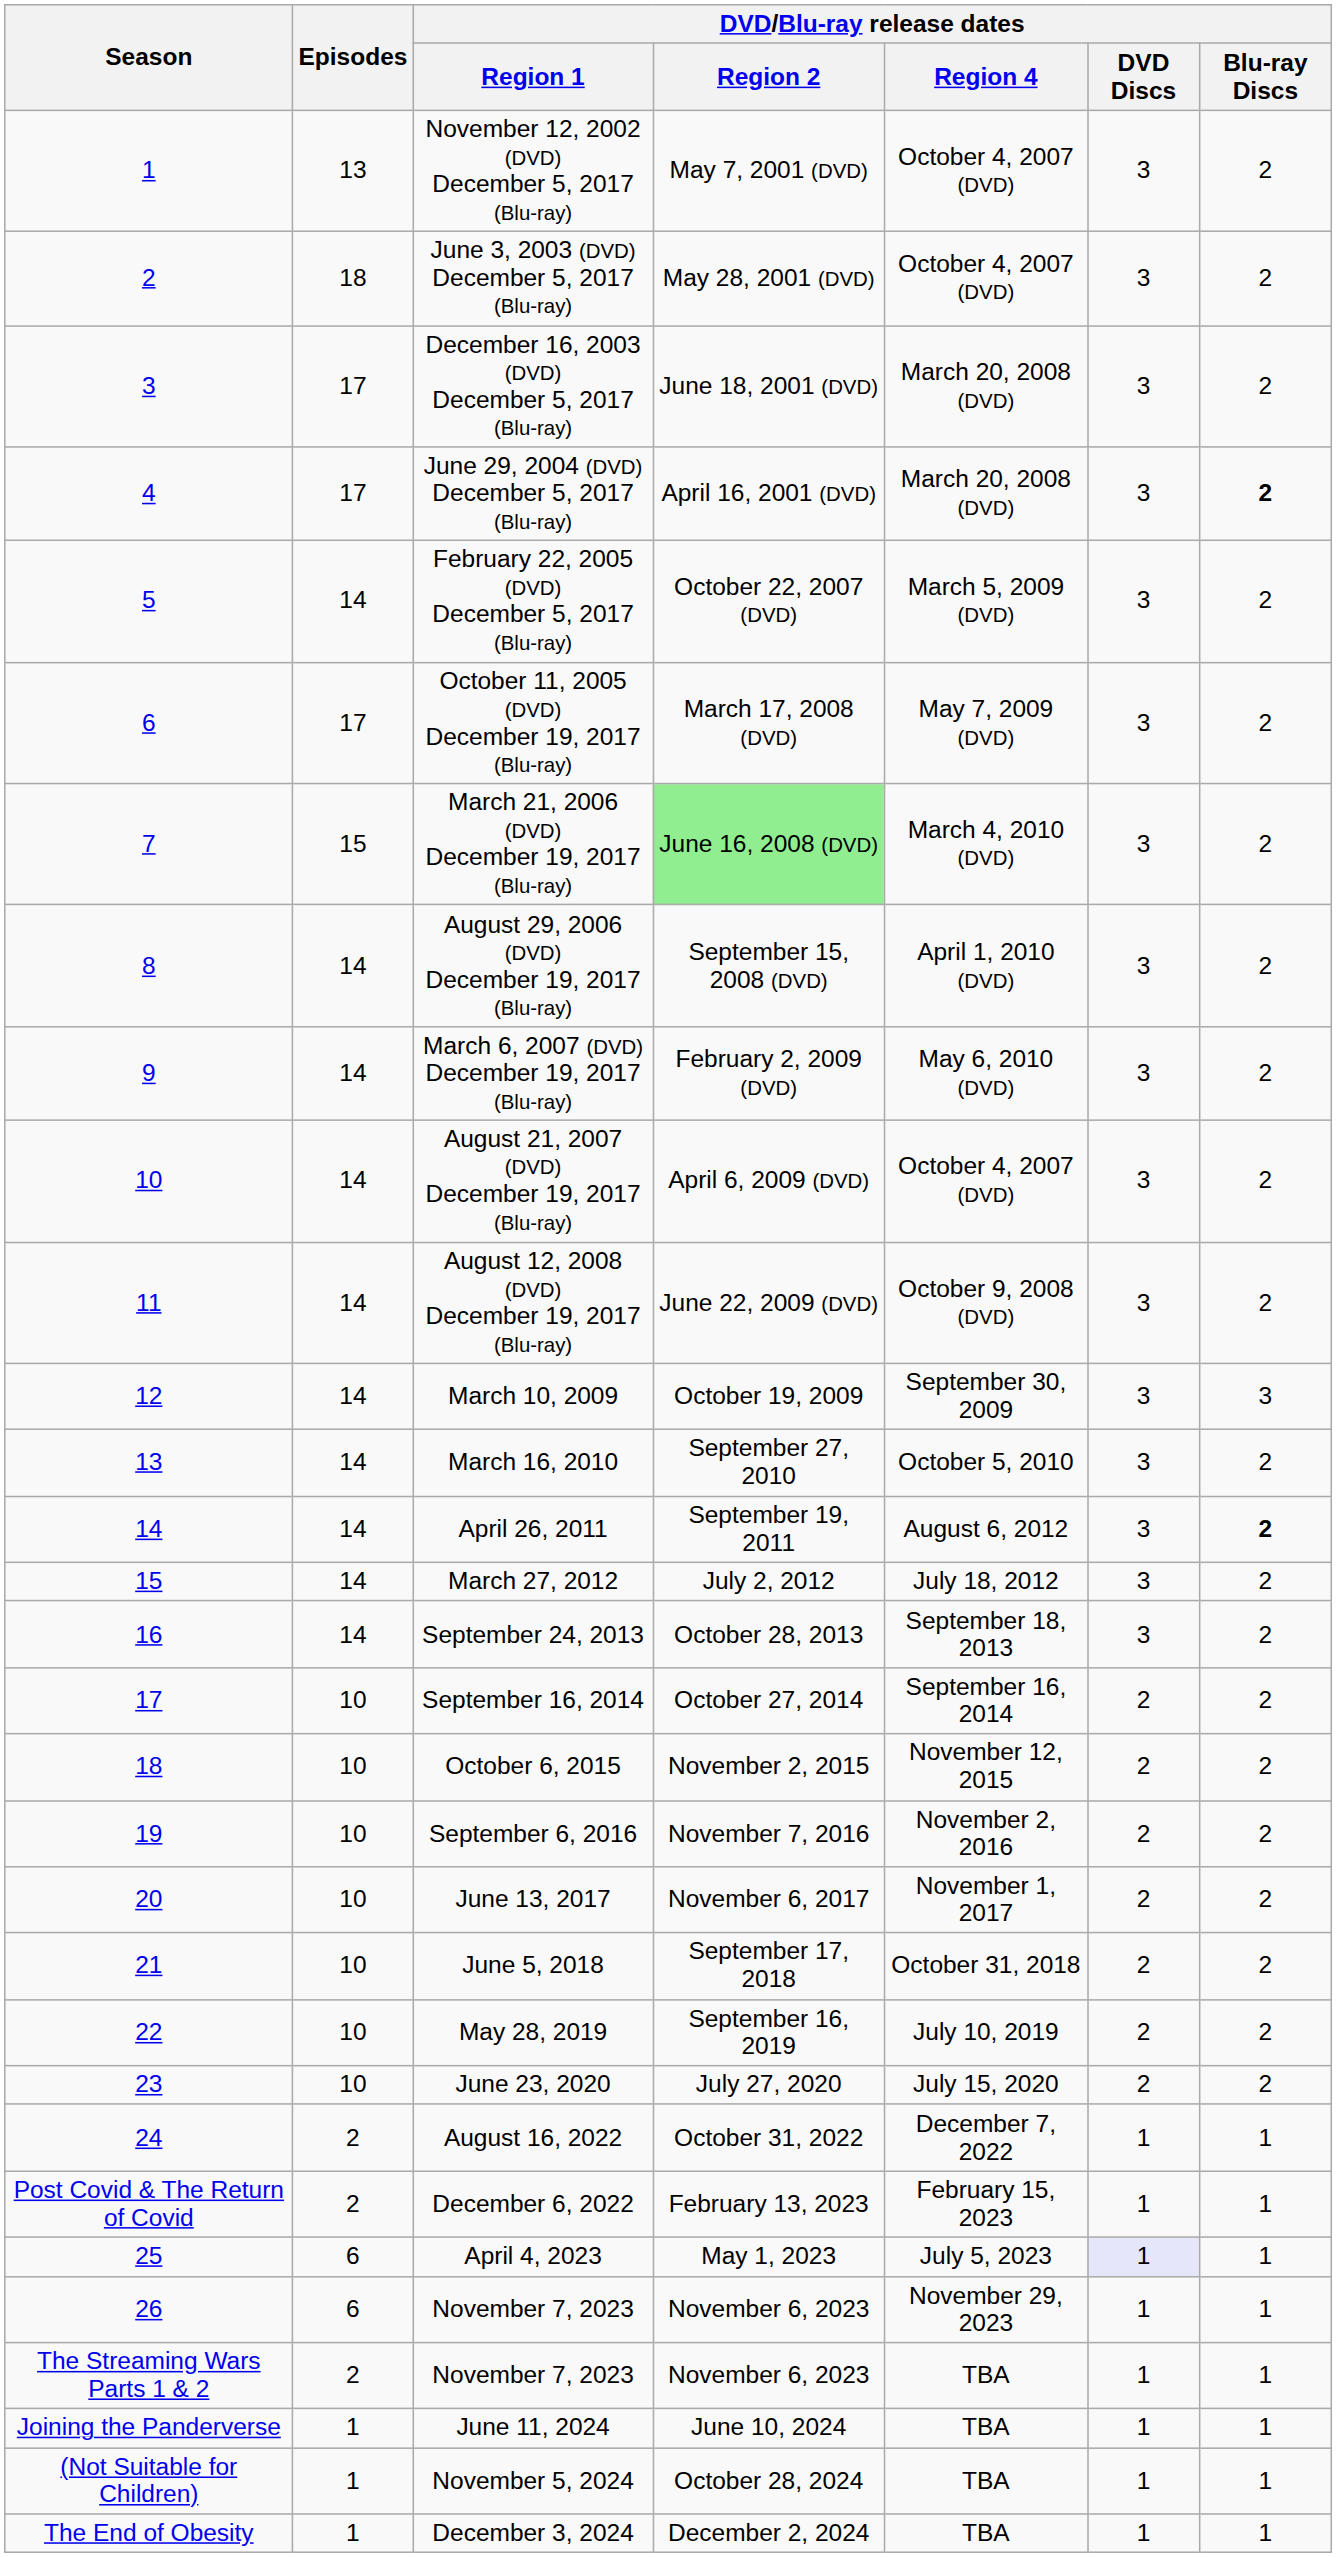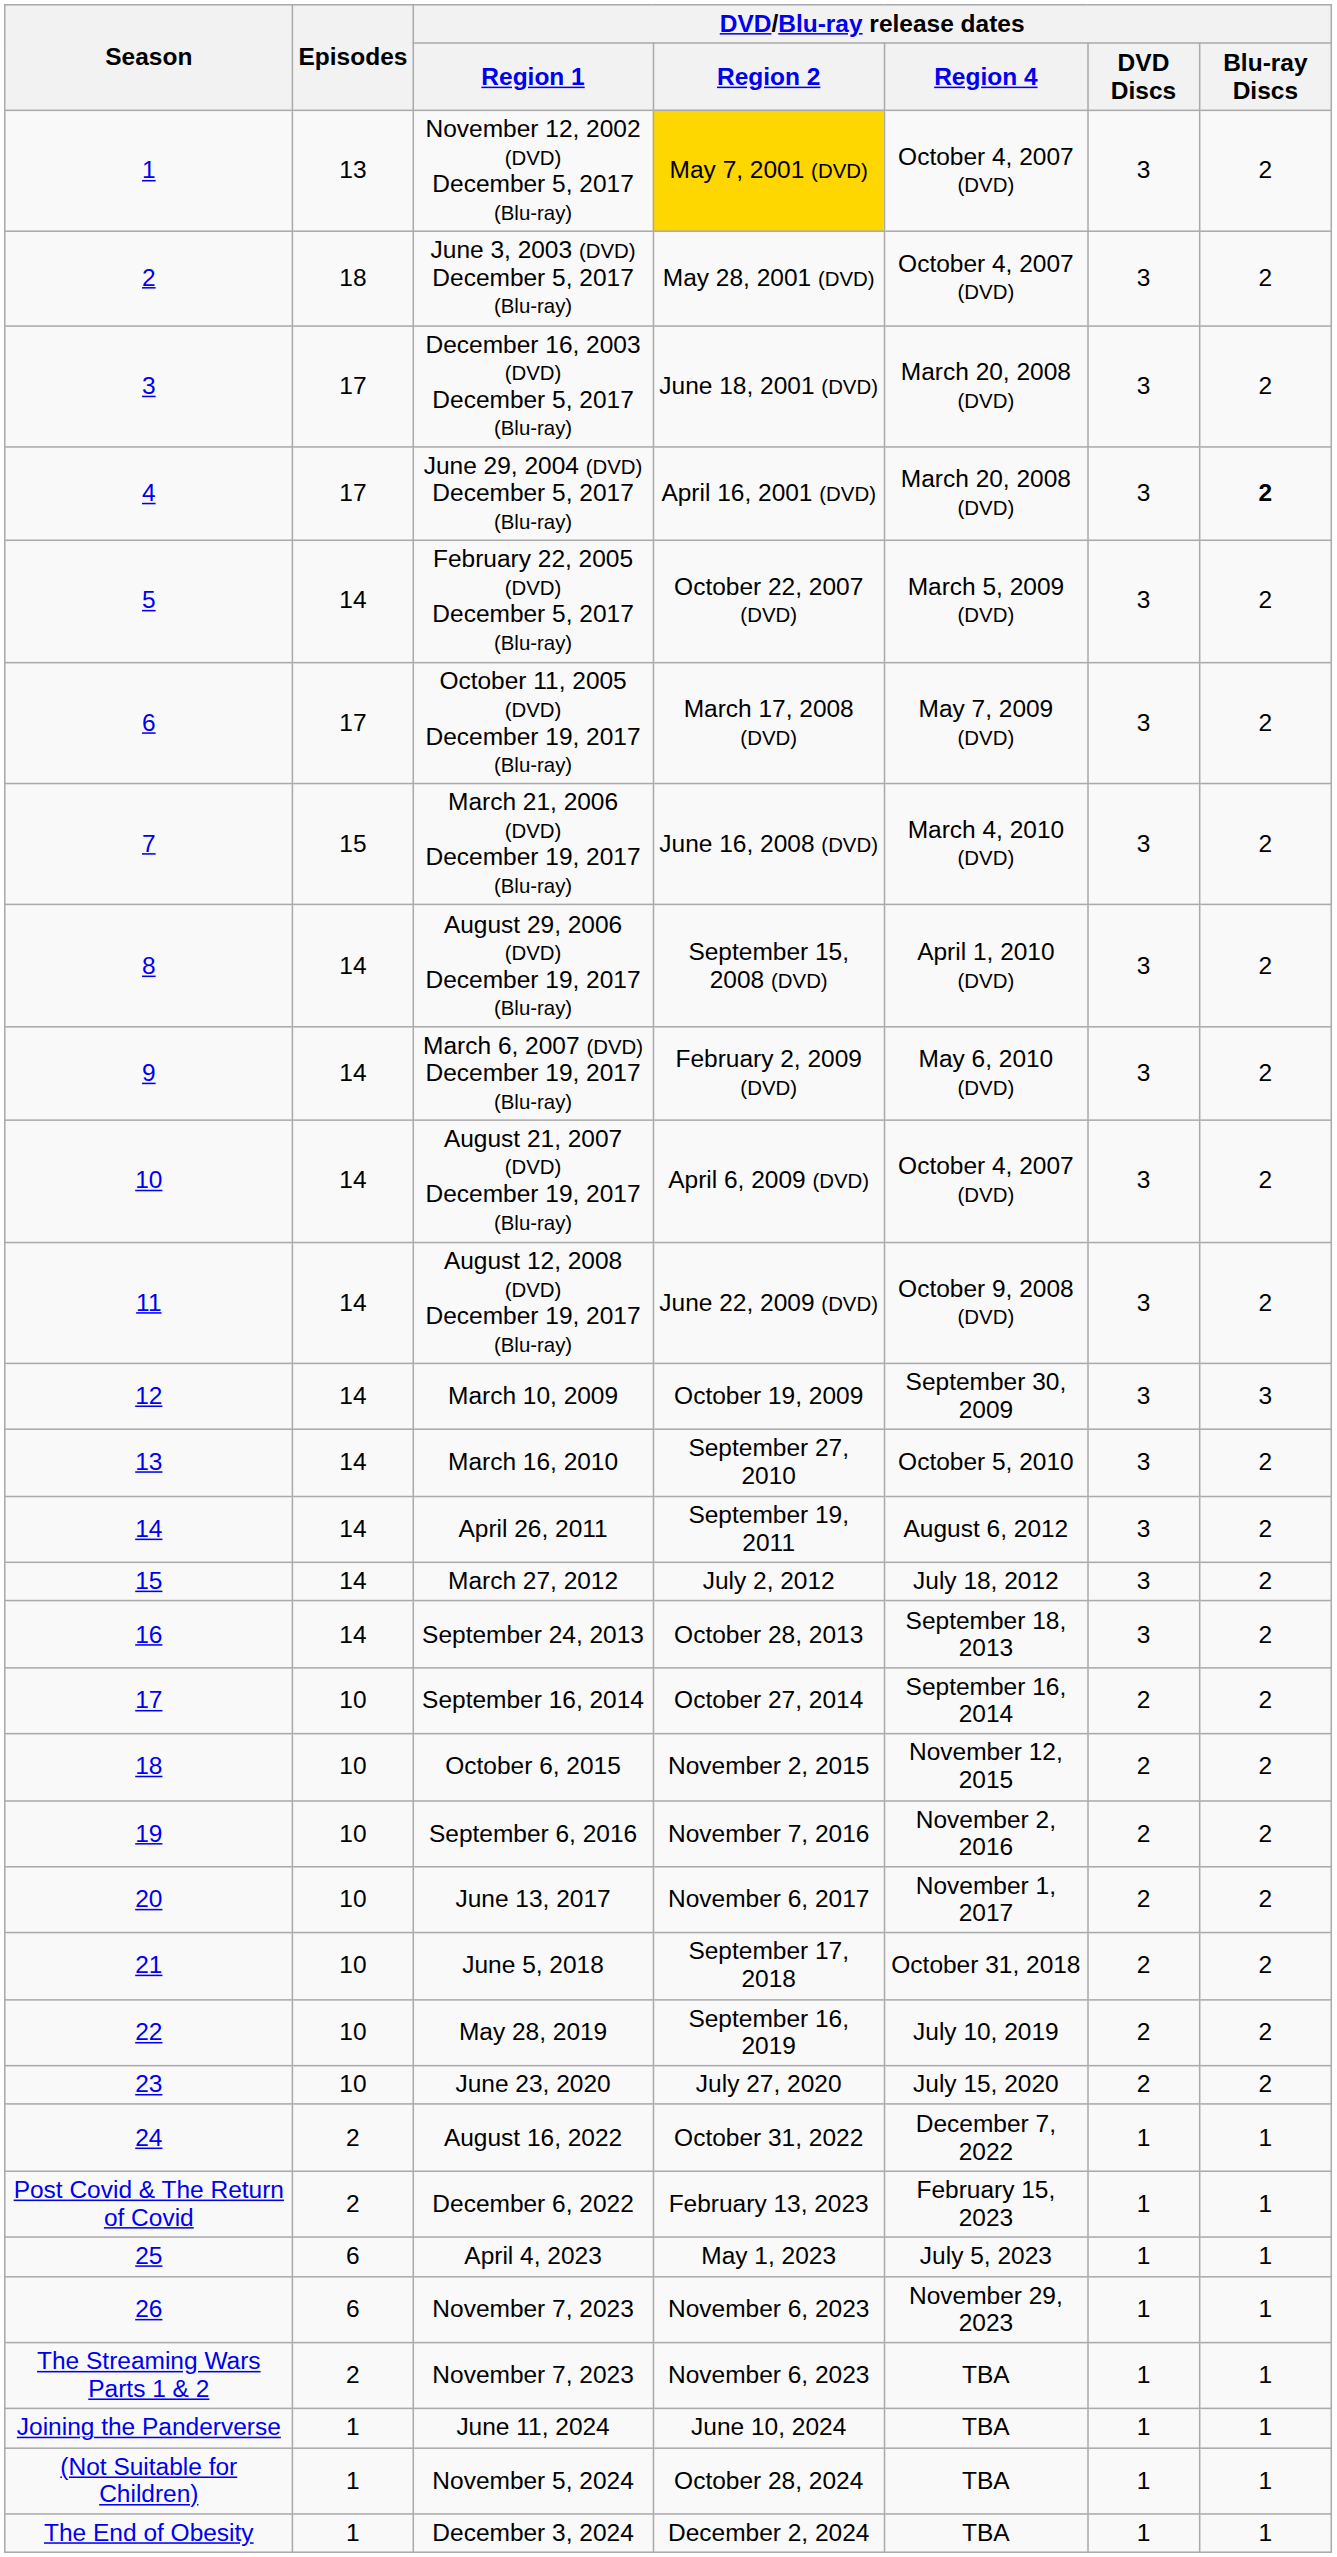 <table class="wikitable sortable plainrowheaders" style="text-align:center;">
 <tr>
 <th scope="col" rowspan="2">Season</th>
 <th scope="col" rowspan="2">Episodes</th>
 <th scope="col" colspan="5"><a href='#'>DVD</a>/<a href='#'>Blu-ray</a> release dates</th>
 </tr>
 <tr>
 <th scope="col"><a href='#'>Region 1</a></th>
 <th scope="col"><a href='#'>Region 2</a></th>
 <th scope="col"><a href='#'>Region 4</a></th>
 <th scope="col">DVD Discs</th>
 <th scope="col">Blu-ray Discs</th>
 </tr>
 <tr>
 <td scope="row"><a href='#'>1</a></td>
 <td>13</td>
 <td>November 12, 2002 <small>(DVD)</small><br>December 5, 2017 <small>(Blu-ray)</small></td>
-<td>May 7, 2001 <small>(DVD)</small></td>
+<td style="background: gold;">May 7, 2001 <small>(DVD)</small></td>
 <td>October 4, 2007 <small>(DVD)</small></td>
 <td>3</td>
 <td>2</td>
 </tr>
 <tr>
 <td scope="row"><a href='#'>2</a></td>
 <td>18</td>
 <td>June 3, 2003 <small>(DVD)</small><br>December 5, 2017 <small>(Blu-ray)</small></td>
 <td>May 28, 2001 <small>(DVD)</small></td>
 <td>October 4, 2007 <small>(DVD)</small></td>
 <td>3</td>
 <td>2</td>
 </tr>
 <tr>
 <td scope="row"><a href='#'>3</a></td>
 <td>17</td>
 <td>December 16, 2003 <small>(DVD)</small><br>December 5, 2017 <small>(Blu-ray)</small></td>
 <td>June 18, 2001 <small>(DVD)</small></td>
 <td>March 20, 2008 <small>(DVD)</small></td>
 <td>3</td>
 <td>2</td>
 </tr>
 <tr>
 <td scope="row"><a href='#'>4</a></td>
 <td>17</td>
 <td>June 29, 2004 <small>(DVD)</small><br>December 5, 2017 <small>(Blu-ray)</small></td>
 <td>April 16, 2001 <small>(DVD)</small></td>
 <td>March 20, 2008 <small>(DVD)</small></td>
 <td>3</td>
 <td><strong>2</strong></td>
 </tr>
 <tr>
 <td scope="row"><a href='#'>5</a></td>
 <td>14</td>
 <td>February 22, 2005 <small>(DVD)</small><br>December 5, 2017 <small>(Blu-ray)</small></td>
 <td>October 22, 2007 <small>(DVD)</small></td>
 <td>March 5, 2009 <small>(DVD)</small></td>
 <td>3</td>
 <td>2</td>
 </tr>
 <tr>
 <td scope="row"><a href='#'>6</a></td>
 <td>17</td>
 <td>October 11, 2005 <small>(DVD)</small><br>December 19, 2017 <small>(Blu-ray)</small></td>
 <td>March 17, 2008 <small>(DVD)</small></td>
 <td>May 7, 2009 <small>(DVD)</small></td>
 <td>3</td>
 <td>2</td>
 </tr>
 <tr>
 <td scope="row"><a href='#'>7</a></td>
 <td>15</td>
 <td>March 21, 2006 <small>(DVD)</small><br>December 19, 2017 <small>(Blu-ray)</small></td>
-<td style="background: lightgreen;">June 16, 2008 <small>(DVD)</small></td>
+<td>June 16, 2008 <small>(DVD)</small></td>
 <td>March 4, 2010 <small>(DVD)</small></td>
 <td>3</td>
 <td>2</td>
 </tr>
 <tr>
 <td scope="row"><a href='#'>8</a></td>
 <td>14</td>
 <td>August 29, 2006 <small>(DVD)</small><br>December 19, 2017 <small>(Blu-ray)</small></td>
 <td>September 15, 2008 <small>(DVD)</small></td>
 <td>April 1, 2010 <small>(DVD)</small></td>
 <td>3</td>
 <td>2</td>
 </tr>
 <tr>
 <td scope="row"><a href='#'>9</a></td>
 <td>14</td>
 <td>March 6, 2007 <small>(DVD)</small><br>December 19, 2017 <small>(Blu-ray)</small></td>
 <td>February 2, 2009 <small>(DVD)</small></td>
 <td>May 6, 2010 <small>(DVD)</small></td>
 <td>3</td>
 <td>2</td>
 </tr>
 <tr>
 <td scope="row"><a href='#'>10</a></td>
 <td>14</td>
 <td>August 21, 2007 <small>(DVD)</small><br>December 19, 2017 <small>(Blu-ray)</small></td>
 <td>April 6, 2009 <small>(DVD)</small></td>
 <td>October 4, 2007 <small>(DVD)</small></td>
 <td>3</td>
 <td>2</td>
 </tr>
 <tr>
 <td scope="row"><a href='#'>11</a></td>
 <td>14</td>
 <td>August 12, 2008 <small>(DVD)</small><br>December 19, 2017 <small>(Blu-ray)</small></td>
 <td>June 22, 2009 <small>(DVD)</small></td>
 <td>October 9, 2008 <small>(DVD)</small></td>
 <td>3</td>
 <td>2</td>
 </tr>
 <tr>
 <td scope="row"><a href='#'>12</a></td>
 <td>14</td>
 <td>March 10, 2009</td>
 <td>October 19, 2009</td>
 <td>September 30, 2009</td>
 <td>3</td>
 <td>3</td>
 </tr>
 <tr>
 <td scope="row"><a href='#'>13</a></td>
 <td>14</td>
 <td>March 16, 2010</td>
 <td>September 27, 2010</td>
 <td>October 5, 2010</td>
 <td>3</td>
 <td>2</td>
 </tr>
 <tr>
 <td scope="row"><a href='#'>14</a></td>
 <td>14</td>
 <td>April 26, 2011</td>
 <td>September 19, 2011</td>
 <td>August 6, 2012</td>
 <td>3</td>
-<td><strong>2</strong></td>
+<td>2</td>
 </tr>
 <tr>
 <td scope="row"><a href='#'>15</a></td>
 <td>14</td>
 <td>March 27, 2012</td>
 <td>July 2, 2012</td>
 <td>July 18, 2012</td>
 <td>3</td>
 <td>2</td>
 </tr>
 <tr>
 <td scope="row"><a href='#'>16</a></td>
 <td>14</td>
 <td>September 24, 2013</td>
 <td>October 28, 2013</td>
 <td>September 18, 2013</td>
 <td>3</td>
 <td>2</td>
 </tr>
 <tr>
 <td scope="row"><a href='#'>17</a></td>
 <td>10</td>
 <td>September 16, 2014</td>
 <td>October 27, 2014</td>
 <td>September 16, 2014</td>
 <td>2</td>
 <td>2</td>
 </tr>
 <tr>
 <td scope="row"><a href='#'>18</a></td>
 <td>10</td>
 <td>October 6, 2015</td>
 <td>November 2, 2015</td>
 <td>November 12, 2015</td>
 <td>2</td>
 <td>2</td>
 </tr>
 <tr>
 <td scope="row"><a href='#'>19</a></td>
 <td>10</td>
 <td>September 6, 2016</td>
 <td>November 7, 2016</td>
 <td>November 2, 2016</td>
 <td>2</td>
 <td>2</td>
 </tr>
 <tr>
 <td scope="row"><a href='#'>20</a></td>
 <td>10</td>
 <td>June 13, 2017</td>
 <td>November 6, 2017</td>
 <td>November 1, 2017</td>
 <td>2</td>
 <td>2</td>
 </tr>
 <tr>
 <td scope="row"><a href='#'>21</a></td>
 <td>10</td>
 <td>June 5, 2018</td>
 <td>September 17, 2018</td>
 <td>October 31, 2018</td>
 <td>2</td>
 <td>2</td>
 </tr>
 <tr>
 <td scope="row"><a href='#'>22</a></td>
 <td>10</td>
 <td>May 28, 2019</td>
 <td>September 16, 2019</td>
 <td>July 10, 2019</td>
 <td>2</td>
 <td>2</td>
 </tr>
 <tr>
 <td scope="row"><a href='#'>23</a></td>
 <td>10</td>
 <td>June 23, 2020</td>
 <td>July 27, 2020</td>
 <td>July 15, 2020</td>
 <td>2</td>
 <td>2</td>
 </tr>
 <tr>
 <td><a href='#'>24</a></td>
 <td>2</td>
 <td>August 16, 2022</td>
 <td>October 31, 2022</td>
 <td>December 7, 2022</td>
 <td>1</td>
 <td>1</td>
 </tr>
 <tr>
 <td><a href='#'>Post Covid & The Return of Covid</a></td>
 <td>2</td>
 <td>December 6, 2022</td>
 <td>February 13, 2023</td>
 <td>February 15, 2023</td>
 <td>1</td>
 <td>1</td>
 </tr>
 <tr>
 <td><a href='#'>25</a></td>
 <td>6</td>
 <td>April 4, 2023</td>
 <td>May 1, 2023</td>
 <td>July 5, 2023</td>
-<td style="background: lavender;">1</td>
+<td>1</td>
 <td>1</td>
 </tr>
 <tr>
 <td><a href='#'>26</a></td>
 <td>6</td>
 <td>November 7, 2023</td>
 <td>November 6, 2023</td>
 <td>November 29, 2023</td>
 <td>1</td>
 <td>1</td>
 </tr>
 <tr>
 <td><a href='#'>The Streaming Wars Parts 1 & 2</a></td>
 <td>2</td>
 <td>November 7, 2023</td>
 <td>November 6, 2023</td>
 <td>TBA</td>
 <td>1</td>
 <td>1</td>
 </tr>
 <tr>
 <td><a href='#'>Joining the Panderverse</a></td>
 <td>1</td>
 <td>June 11, 2024</td>
 <td>June 10, 2024</td>
 <td>TBA</td>
 <td>1</td>
 <td>1</td>
 </tr>
 <tr>
 <td><a href='#'>(Not Suitable for Children)</a></td>
 <td>1</td>
 <td>November 5, 2024</td>
 <td>October 28, 2024</td>
 <td>TBA</td>
 <td>1</td>
 <td>1</td>
 </tr>
 <tr>
 <td><a href='#'>The End of Obesity</a></td>
 <td>1</td>
 <td>December 3, 2024</td>
 <td>December 2, 2024</td>
 <td>TBA</td>
 <td>1</td>
 <td>1</td>
 </tr>
 </table>
